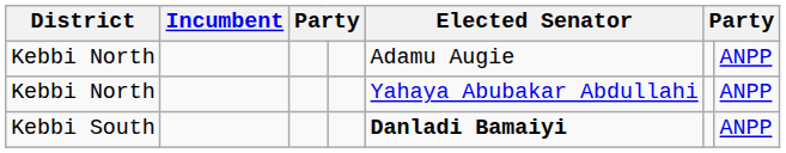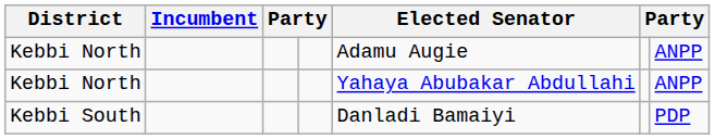 <table class="sortable wikitable" style="font-size:95%;line-height:14px;">
 <tr>
 <th class="unsortable">District</th>
 <th class="unsortable"><a href='#'>Incumbent</a></th>
 <th colspan="2">Party</th>
 <th class="unsortable">Elected Senator</th>
 <th colspan="2">Party</th>
 </tr>
 <tr>
 <td>Kebbi North</td>
 <td></td>
 <td></td>
 <td></td>
 <td>Adamu Augie</td>
 <td style="background:"></td>
 <td><a href='#'>ANPP</a></td>
 </tr>
 <tr>
 <td>Kebbi North</td>
 <td></td>
 <td></td>
 <td></td>
 <td><a href='#'>Yahaya Abubakar Abdullahi</a></td>
 <td style="background:"></td>
 <td><a href='#'>ANPP</a></td>
 </tr>
 <tr>
 <td>Kebbi South</td>
 <td></td>
 <td></td>
 <td></td>
-<td><strong>Danladi Bamaiyi</strong></td>
+<td>Danladi Bamaiyi</td>
 <td style="background:"></td>
-<td><a href='#'>ANPP</a></td>
+<td><a href='#'>PDP</a></td>
 </tr>
 </table>
